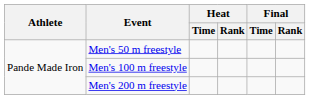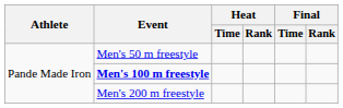 <table class=wikitable style="font-size:90%">
 <tr>
 <th rowspan="2">Athlete</th>
 <th rowspan="2">Event</th>
 <th colspan="2">Heat</th>
 <th colspan="2">Final</th>
 </tr>
 <tr style="font-size:95%">
 <th>Time</th>
 <th>Rank</th>
 <th>Time</th>
 <th>Rank</th>
 </tr>
 <tr align=center>
 <td align=left rowspan=3>Pande Made Iron</td>
 <td align=left><a href='#'>Men's 50 m freestyle</a></td>
 <td></td>
 <td></td>
 <td></td>
 <td></td>
 </tr>
 <tr align=center>
-<td align=left><a href='#'>Men's 100 m freestyle</a></td>
+<td align=left><strong><a href='#'>Men's 100 m freestyle</a></strong></td>
 <td></td>
 <td></td>
 <td></td>
 <td></td>
 </tr>
 <tr align=center>
 <td align=left><a href='#'>Men's 200 m freestyle</a></td>
 <td></td>
 <td></td>
 <td></td>
 <td></td>
 </tr>
 </table>
